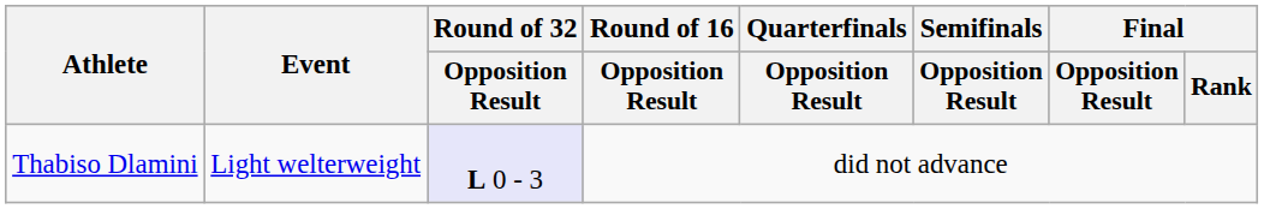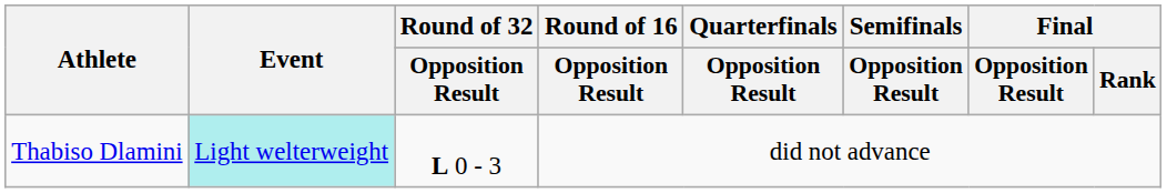 <table class="wikitable" style="font-size:90%;">
 <tr>
 <th rowspan=2>Athlete</th>
 <th rowspan=2>Event</th>
 <th>Round of 32</th>
 <th>Round of 16</th>
 <th>Quarterfinals</th>
 <th>Semifinals</th>
 <th colspan=2>Final</th>
 </tr>
 <tr style="font-size:95%">
 <th>Opposition<br>Result</th>
 <th>Opposition<br>Result</th>
 <th>Opposition<br>Result</th>
 <th>Opposition<br>Result</th>
 <th>Opposition<br>Result</th>
 <th>Rank</th>
 </tr>
 <tr align=center>
 <td align=left><a href='#'>Thabiso Dlamini</a></td>
-<td align=left><a href='#'>Light welterweight</a></td>
-<td style="background: lavender;"><br><strong>L</strong> 0 - 3</td>
+<td align=left style="background: paleturquoise;"><a href='#'>Light welterweight</a></td>
+<td><br><strong>L</strong> 0 - 3</td>
 <td colspan=5>did not advance</td>
 </tr>
 </table>
